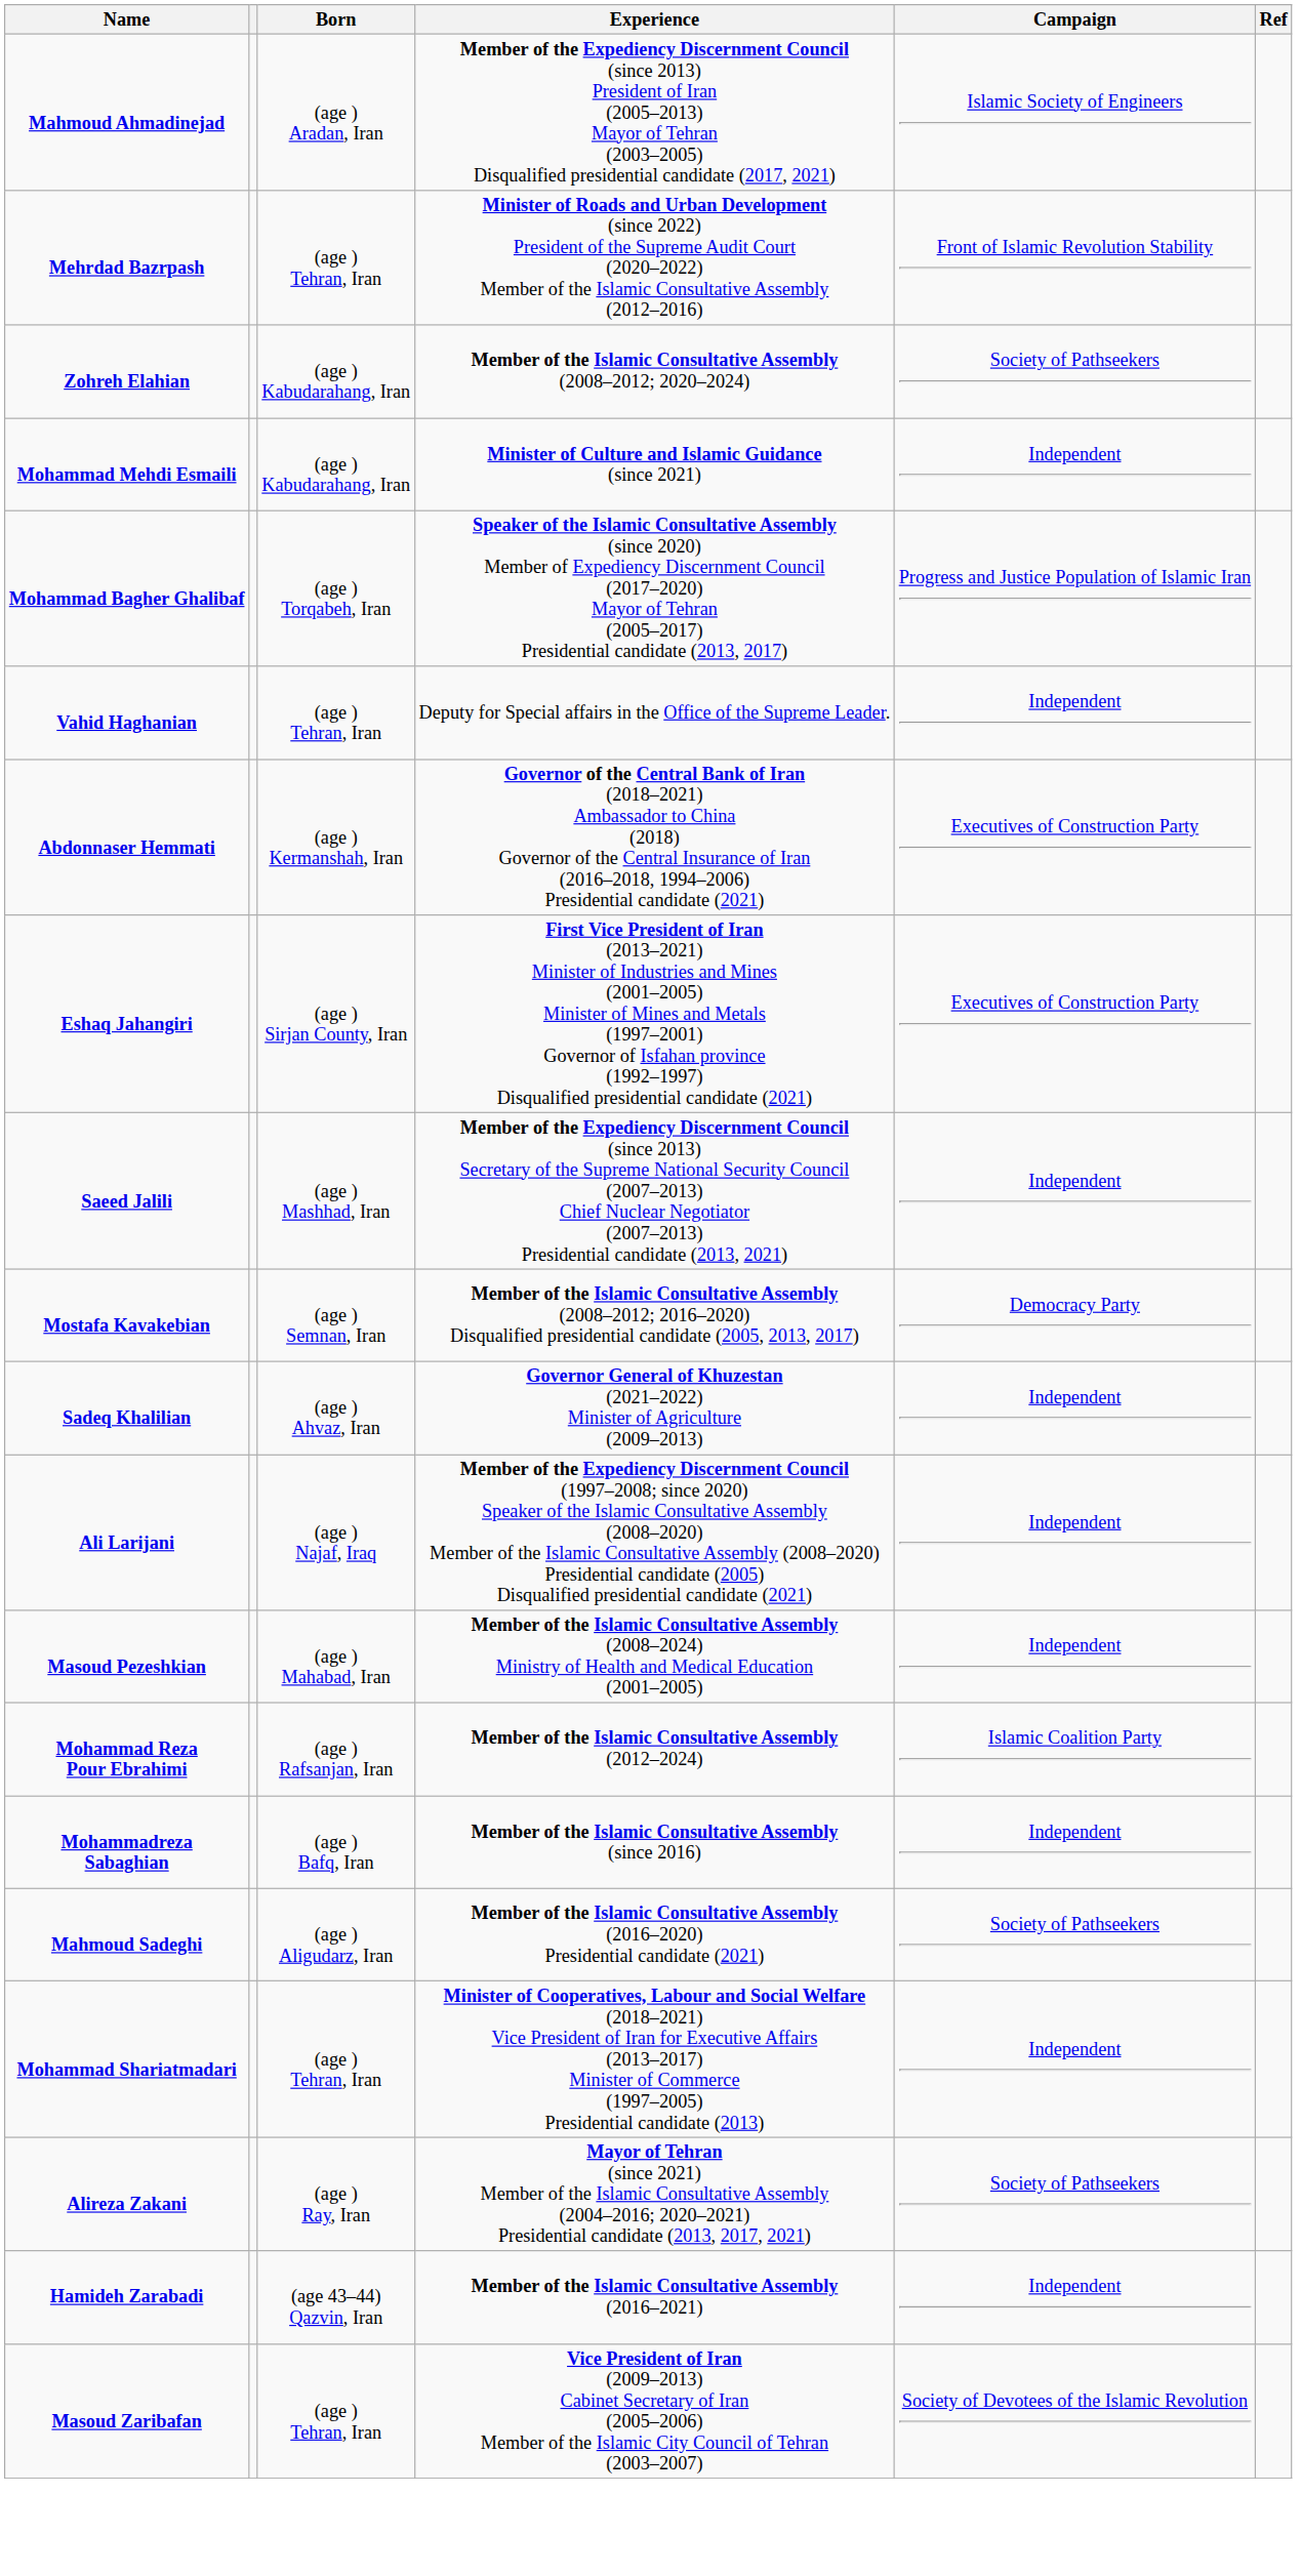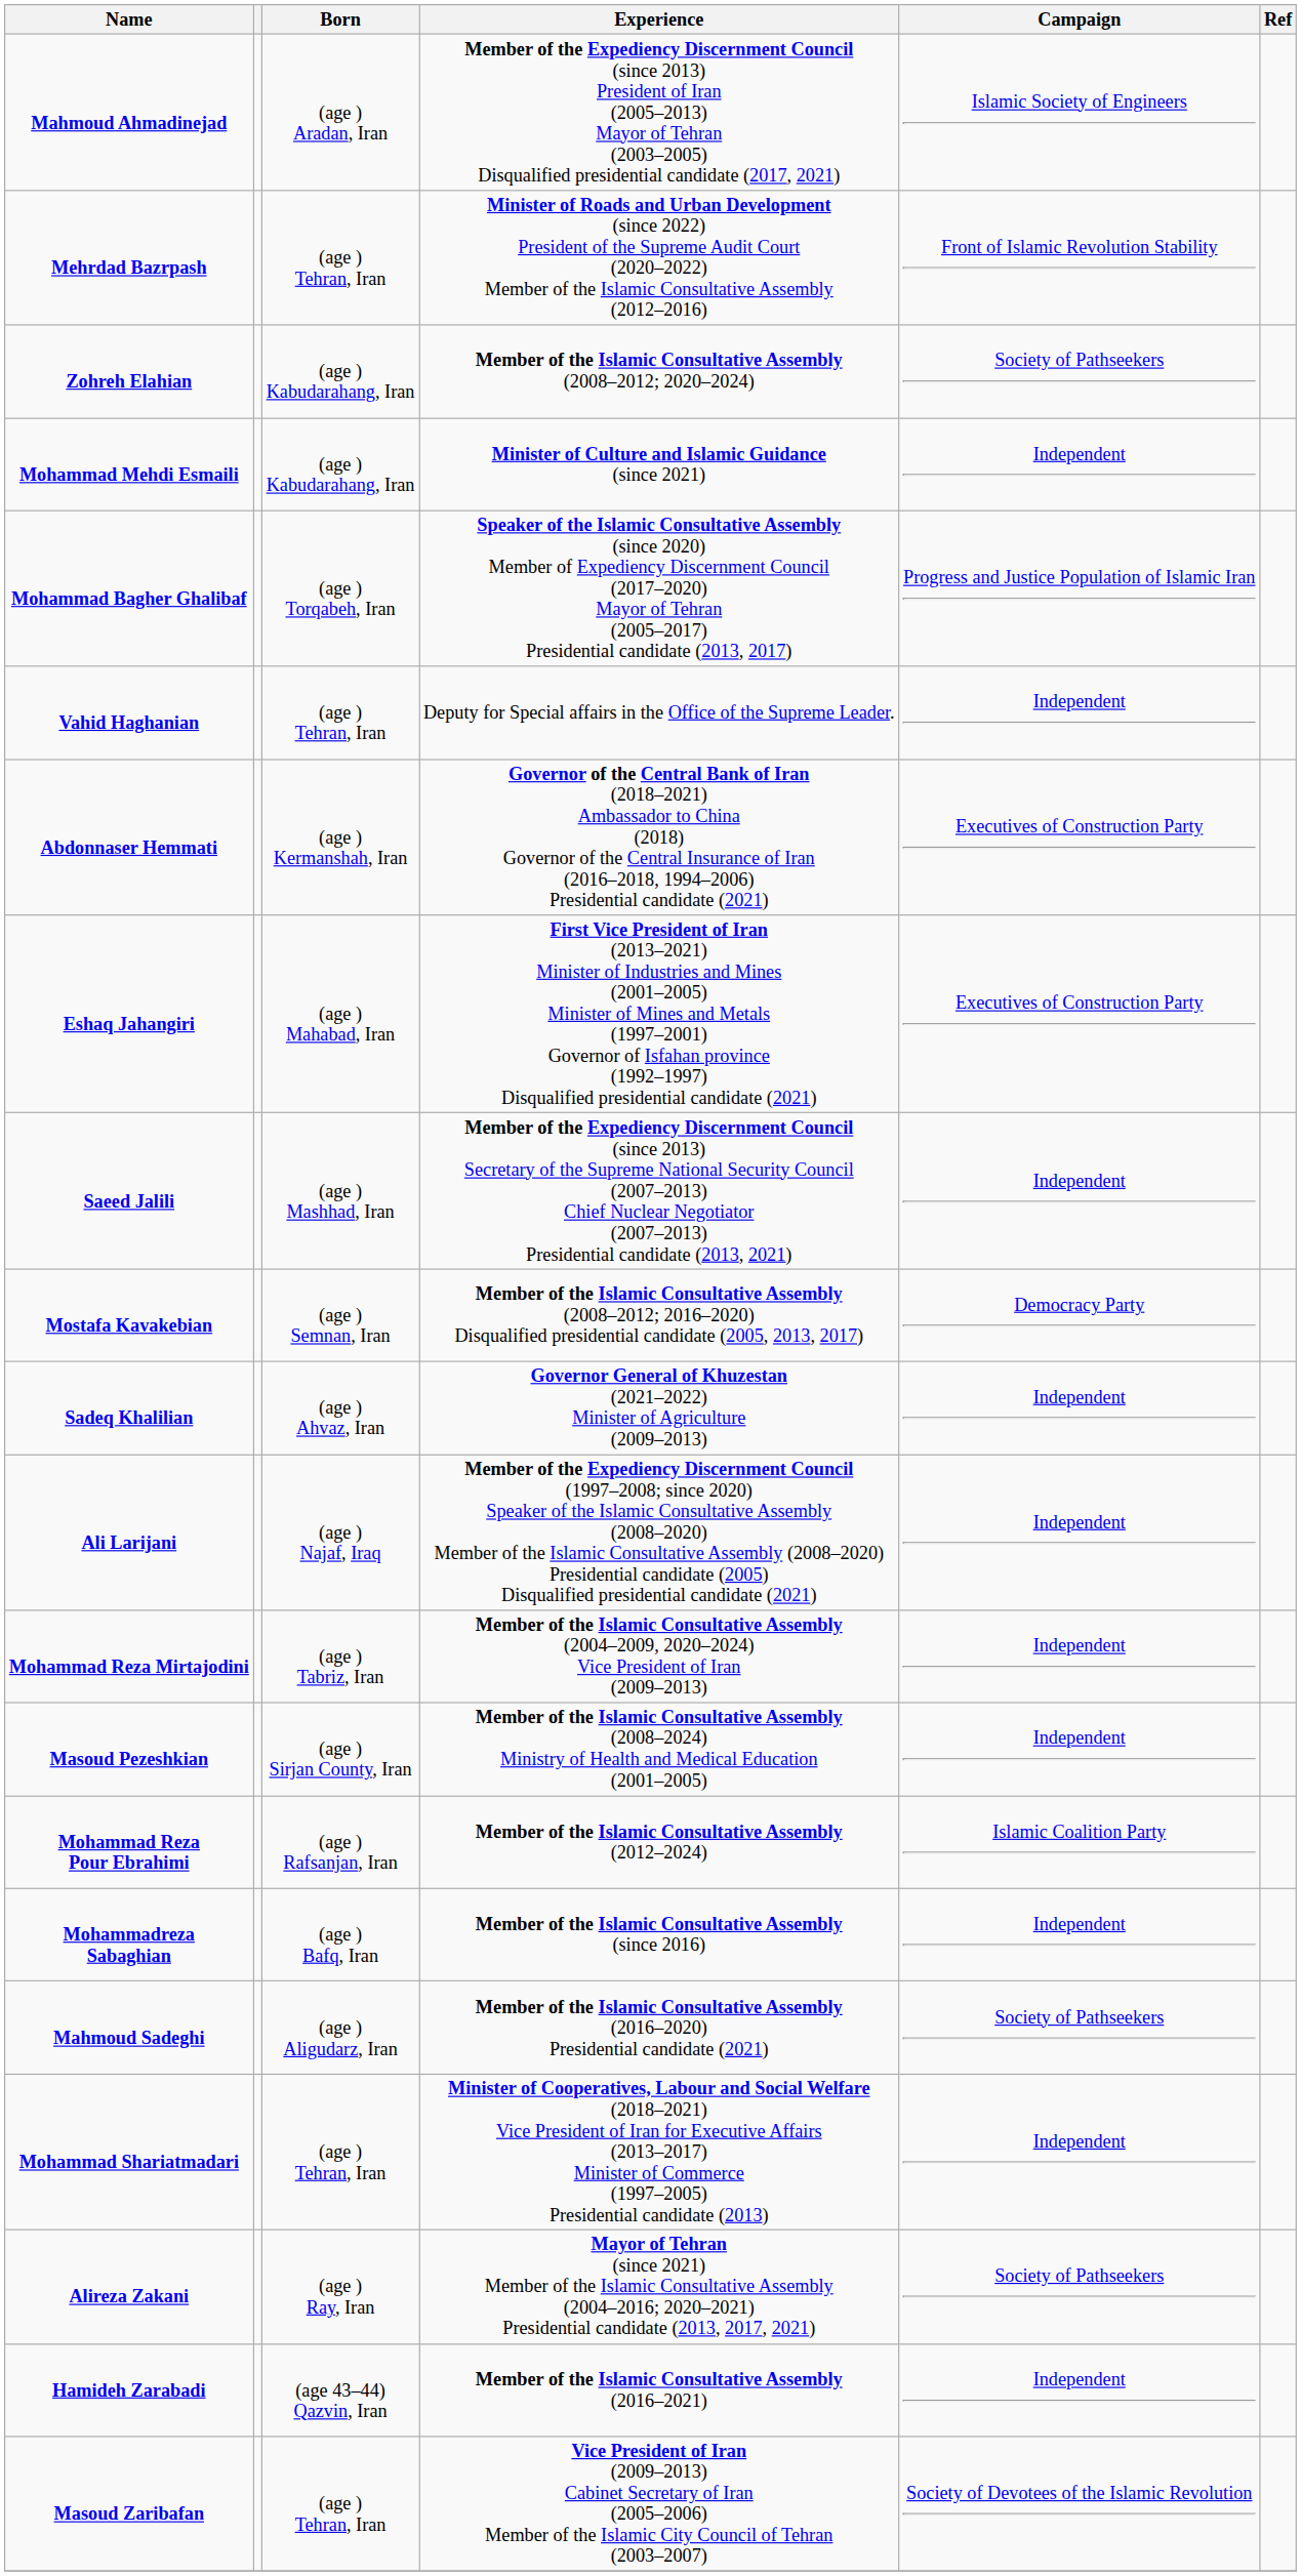 <table class="wikitable sortable mw-collapsible mw-collapsed" style="text-align:center;">
 <tr>
 <th scope="col">Name</th>
 <th></th>
 <th>Born</th>
 <th class="unsortable">Experience</th>
 <th>Campaign</th>
 <th>Ref</th>
 </tr>
 <tr>
 <td data-sort-value="Ahmadinejad, Mahmoud"><br><strong><a href='#'>Mahmoud Ahmadinejad</a></strong></td>
 <td style="background:"></td>
 <td><br>(age )<br><a href='#'>Aradan</a>, Iran</td>
 <td><strong>Member of the <a href='#'>Expediency Discernment Council</a></strong><br>(since 2013)<br><a href='#'>President of Iran</a><br>(2005–2013)<br><a href='#'>Mayor of Tehran</a><br>(2003–2005)<br>Disqualified presidential candidate (<a href='#'>2017</a>, <a href='#'>2021</a>)</td>
 <td><br><a href='#'>Islamic Society of Engineers</a><hr><br></td>
 <td></td>
 </tr>
 <tr>
 <td data-sort-value="Bazrpash, Mehrdad"><br><strong><a href='#'>Mehrdad Bazrpash</a></strong></td>
 <td style="background:"></td>
 <td><br>(age )<br><a href='#'>Tehran</a>, Iran</td>
 <td><strong><a href='#'>Minister of Roads and Urban Development</a></strong><br>(since 2022)<br><a href='#'>President of the Supreme Audit Court</a><br>(2020–2022)<br>Member of the <a href='#'>Islamic Consultative Assembly</a><br>(2012–2016)</td>
 <td><br><a href='#'>Front of Islamic Revolution Stability</a><hr><br></td>
 <td></td>
 </tr>
 <tr>
 <td data-sort-value="Elahian, Zohreh"><br><strong><a href='#'>Zohreh Elahian</a></strong></td>
 <td style="background:"></td>
 <td><br>(age )<br><a href='#'>Kabudarahang</a>, Iran</td>
 <td><strong>Member of the <a href='#'>Islamic Consultative Assembly</a></strong><br>(2008–2012; 2020–2024)</td>
 <td><br><a href='#'>Society of Pathseekers</a><hr><br></td>
 <td></td>
 </tr>
 <tr>
 <td data-sort-value="Esmaili, Mohammad Mehdi"><br><strong><a href='#'>Mohammad Mehdi Esmaili</a></strong></td>
 <td style="background:"></td>
 <td><br>(age )<br><a href='#'>Kabudarahang</a>, Iran</td>
 <td><strong><a href='#'>Minister of Culture and Islamic Guidance</a></strong><br>(since 2021)</td>
 <td><br><a href='#'>Independent</a><hr><br></td>
 <td></td>
 </tr>
 <tr>
 <td data-sort-value="Ghalibaf, Mohammad Bagher"><br><strong><a href='#'>Mohammad Bagher Ghalibaf</a></strong></td>
 <td style="background:"></td>
 <td><br>(age )<br><a href='#'>Torqabeh</a>, Iran</td>
 <td><strong><a href='#'>Speaker of the Islamic Consultative Assembly</a></strong><br>(since 2020)<br>Member of <a href='#'>Expediency Discernment Council</a><br>(2017–2020)<br><a href='#'>Mayor of Tehran</a><br>(2005–2017)<br>Presidential candidate (<a href='#'>2013</a>, <a href='#'>2017</a>)</td>
 <td><br><a href='#'>Progress and Justice Population of Islamic Iran</a><hr><br></td>
 <td></td>
 </tr>
 <tr>
 <td data-sort-value="Haghanian, Vahid"><br><strong><a href='#'>Vahid Haghanian</a></strong></td>
 <td style="background:"></td>
 <td><br>(age )<br><a href='#'>Tehran</a>, Iran</td>
 <td>Deputy for Special affairs in the <a href='#'>Office of the Supreme Leader</a>.</td>
 <td><br><a href='#'>Independent</a><hr><br></td>
 <td></td>
 </tr>
 <tr>
 <td data-sort-value="Hemmati, Abdolnasser"><br><strong><a href='#'>Abdonnaser Hemmati</a></strong></td>
 <td style="background:"></td>
 <td><br>(age )<br><a href='#'>Kermanshah</a>, Iran</td>
 <td><strong><a href='#'>Governor</a> of the <a href='#'>Central Bank of Iran</a></strong><br>(2018–2021)<br><a href='#'>Ambassador to China</a><br>(2018)<br>Governor of the <a href='#'>Central Insurance of Iran</a><br>(2016–2018, 1994–2006)<br>Presidential candidate (<a href='#'>2021</a>)</td>
 <td><br><a href='#'>Executives of Construction Party</a><hr><br></td>
 <td></td>
 </tr>
 <tr>
 <td data-sort-value="Jahangiri, Eshaq"><br><strong><a href='#'>Eshaq Jahangiri</a></strong></td>
 <td style="background:"></td>
-<td><br>(age )<br><a href='#'>Sirjan County</a>, Iran</td>
+<td><br>(age )<br><a href='#'>Mahabad</a>, Iran</td>
 <td><strong><a href='#'>First Vice President of Iran</a></strong><br>(2013–2021)<br><a href='#'>Minister of Industries and Mines</a><br>(2001–2005)<br><a href='#'>Minister of Mines and Metals</a><br>(1997–2001)<br>Governor of <a href='#'>Isfahan province</a><br>(1992–1997)<br>Disqualified presidential candidate (<a href='#'>2021</a>)</td>
 <td><br><a href='#'>Executives of Construction Party</a><hr><br></td>
 <td></td>
 </tr>
 <tr>
 <td data-sort-value="Jalili, Saeed"><br><strong><a href='#'>Saeed Jalili</a></strong></td>
 <td style="background:"></td>
 <td><br>(age )<br><a href='#'>Mashhad</a>, Iran</td>
 <td><strong>Member of the <a href='#'>Expediency Discernment Council</a></strong><br>(since 2013)<br><a href='#'>Secretary of the Supreme National Security Council</a><br>(2007–2013)<br><a href='#'>Chief Nuclear Negotiator</a><br>(2007–2013)<br>Presidential candidate (<a href='#'>2013</a>, <a href='#'>2021</a>)</td>
 <td><br><a href='#'>Independent</a><hr><br></td>
 <td></td>
 </tr>
 <tr>
 <td data-sort-value="Kavakebian, Mostafa"><br><strong><a href='#'>Mostafa Kavakebian</a></strong></td>
 <td style="background:"></td>
 <td><br>(age )<br><a href='#'>Semnan</a>, Iran</td>
 <td><strong>Member of the <a href='#'>Islamic Consultative Assembly</a></strong><br>(2008–2012; 2016–2020)<br>Disqualified presidential candidate (<a href='#'>2005</a>, <a href='#'>2013</a>, <a href='#'>2017</a>)</td>
 <td><br><a href='#'>Democracy Party</a><hr><br></td>
 <td></td>
 </tr>
 <tr>
 <td data-sort-value="Khalilian, Sadeq"><br><strong><a href='#'>Sadeq Khalilian</a></strong></td>
 <td style="background:"></td>
 <td><br>(age )<br><a href='#'>Ahvaz</a>, Iran</td>
 <td><strong><a href='#'>Governor General of Khuzestan</a></strong><br>(2021–2022)<br><a href='#'>Minister of Agriculture</a><br>(2009–2013)</td>
 <td><br><a href='#'>Independent</a><hr><br></td>
 <td></td>
 </tr>
 <tr>
 <td data-sort-value="Larijani, Ali"><br><strong><a href='#'>Ali Larijani</a></strong></td>
 <td style="background:"></td>
 <td><br>(age )<br><a href='#'>Najaf</a>, <a href='#'>Iraq</a></td>
 <td><strong>Member of the <a href='#'>Expediency Discernment Council</a></strong><br>(1997–2008; since 2020)<br><a href='#'>Speaker of the Islamic Consultative Assembly</a><br>(2008–2020)<br>Member of the <a href='#'>Islamic Consultative Assembly</a> (2008–2020)<br>Presidential candidate (<a href='#'>2005</a>)<br>Disqualified presidential candidate (<a href='#'>2021</a>)</td>
 <td><br><a href='#'>Independent</a><hr><br></td>
 <td></td>
 </tr>
 <tr>
+<td data-sort-value="Mirtajodini, Mohammad Reza"><br><strong><a href='#'>Mohammad Reza Mirtajodini</a></strong></td>
+<td style="background:"></td>
+<td><br>(age )<br><a href='#'>Tabriz</a>, Iran</td>
+<td><strong>Member of the <a href='#'>Islamic Consultative Assembly</a></strong><br>(2004–2009, 2020–2024)<br><a href='#'>Vice President of Iran</a><br>(2009–2013)</td>
+<td><br><a href='#'>Independent</a><hr><br></td>
+<td></td>
+</tr>
+<tr>
 <td data-sort-value="Pezeshkian, Masoud"><br><strong><a href='#'>Masoud Pezeshkian</a></strong></td>
 <td style="background:"></td>
-<td><br>(age )<br><a href='#'>Mahabad</a>, Iran</td>
+<td><br>(age )<br><a href='#'>Sirjan County</a>, Iran</td>
 <td><strong>Member of the <a href='#'>Islamic Consultative Assembly</a></strong><br>(2008–2024)<br><a href='#'>Ministry of Health and Medical Education</a><br>(2001–2005)</td>
 <td><br><a href='#'>Independent</a><hr><br></td>
 <td></td>
 </tr>
 <tr>
 <td data-sort-value="Pour Ebrahimi, Mohammad Reza"><br><strong><a href='#'>Mohammad Reza<br>Pour Ebrahimi</a></strong></td>
 <td style="background:"></td>
 <td><br>(age )<br><a href='#'>Rafsanjan</a>, Iran</td>
 <td><strong>Member of the <a href='#'>Islamic Consultative Assembly</a></strong><br>(2012–2024)</td>
 <td><br><a href='#'>Islamic Coalition Party</a><hr><br></td>
 <td></td>
 </tr>
 <tr>
 <td data-sort-value="Sabbaghian, Mohammad Reza"><br><strong><a href='#'>Mohammadreza<br>Sabaghian</a></strong></td>
 <td style="background:"></td>
 <td><br>(age )<br><a href='#'>Bafq</a>, Iran</td>
 <td><strong>Member of the <a href='#'>Islamic Consultative Assembly</a></strong><br>(since 2016)</td>
 <td><br><a href='#'>Independent</a><hr><br></td>
 <td></td>
 </tr>
 <tr>
 <td data-sort-value="Sadeghi, Mahmoud"><br><strong><a href='#'>Mahmoud Sadeghi</a></strong></td>
 <td style="background:"></td>
 <td><br>(age )<br><a href='#'>Aligudarz</a>, Iran</td>
 <td><strong>Member of the <a href='#'>Islamic Consultative Assembly</a></strong><br>(2016–2020)<br>Presidential candidate (<a href='#'>2021</a>)</td>
 <td><br><a href='#'>Society of Pathseekers</a><hr><br></td>
 <td></td>
 </tr>
 <tr>
 <td data-sort-value="Shariatmadari, Mohammad"><br><strong><a href='#'>Mohammad Shariatmadari</a></strong></td>
 <td style="background:"></td>
 <td><br>(age )<br><a href='#'>Tehran</a>, Iran</td>
 <td><strong><a href='#'>Minister of Cooperatives, Labour and Social Welfare</a></strong><br>(2018–2021)<br><a href='#'>Vice President of Iran for Executive Affairs</a><br>(2013–2017)<br><a href='#'>Minister of Commerce</a><br>(1997–2005)<br>Presidential candidate (<a href='#'>2013</a>)</td>
 <td><br><a href='#'>Independent</a><hr><br></td>
 <td></td>
 </tr>
 <tr>
 <td data-sort-value="Zakani, Alireza"><br><strong><a href='#'>Alireza Zakani</a></strong></td>
 <td style="background:"></td>
 <td><br>(age )<br><a href='#'>Ray</a>, Iran</td>
 <td><strong><a href='#'>Mayor of Tehran</a></strong><br>(since 2021)<br>Member of the <a href='#'>Islamic Consultative Assembly</a><br>(2004–2016; 2020–2021)<br>Presidential candidate (<a href='#'>2013</a>, <a href='#'>2017</a>, <a href='#'>2021</a>)</td>
 <td><br><a href='#'>Society of Pathseekers</a><hr><br></td>
 <td></td>
 </tr>
 <tr>
 <td><strong><a href='#'>Hamideh Zarabadi</a></strong></td>
 <td style="background:"></td>
 <td><br>(age 43–44)<br><a href='#'>Qazvin</a>, Iran</td>
 <td><strong>Member of the <a href='#'>Islamic Consultative Assembly</a></strong><br>(2016–2021)</td>
 <td><br><a href='#'>Independent</a><hr><br></td>
 <td></td>
 </tr>
 <tr>
 <td data-sort-value="Zaribafan, Masoud"><br><strong><a href='#'>Masoud Zaribafan</a></strong></td>
 <td style="background:"></td>
 <td><br>(age )<br><a href='#'>Tehran</a>, Iran</td>
 <td><strong><a href='#'>Vice President of Iran</a></strong><br>(2009–2013)<br><a href='#'>Cabinet Secretary of Iran</a><br>(2005–2006)<br>Member of the <a href='#'>Islamic City Council of Tehran</a><br>(2003–2007)</td>
 <td><br><a href='#'>Society of Devotees of the Islamic Revolution</a><hr><br></td>
 <td></td>
 </tr>
 <tr>
 </tr>
 </table>
